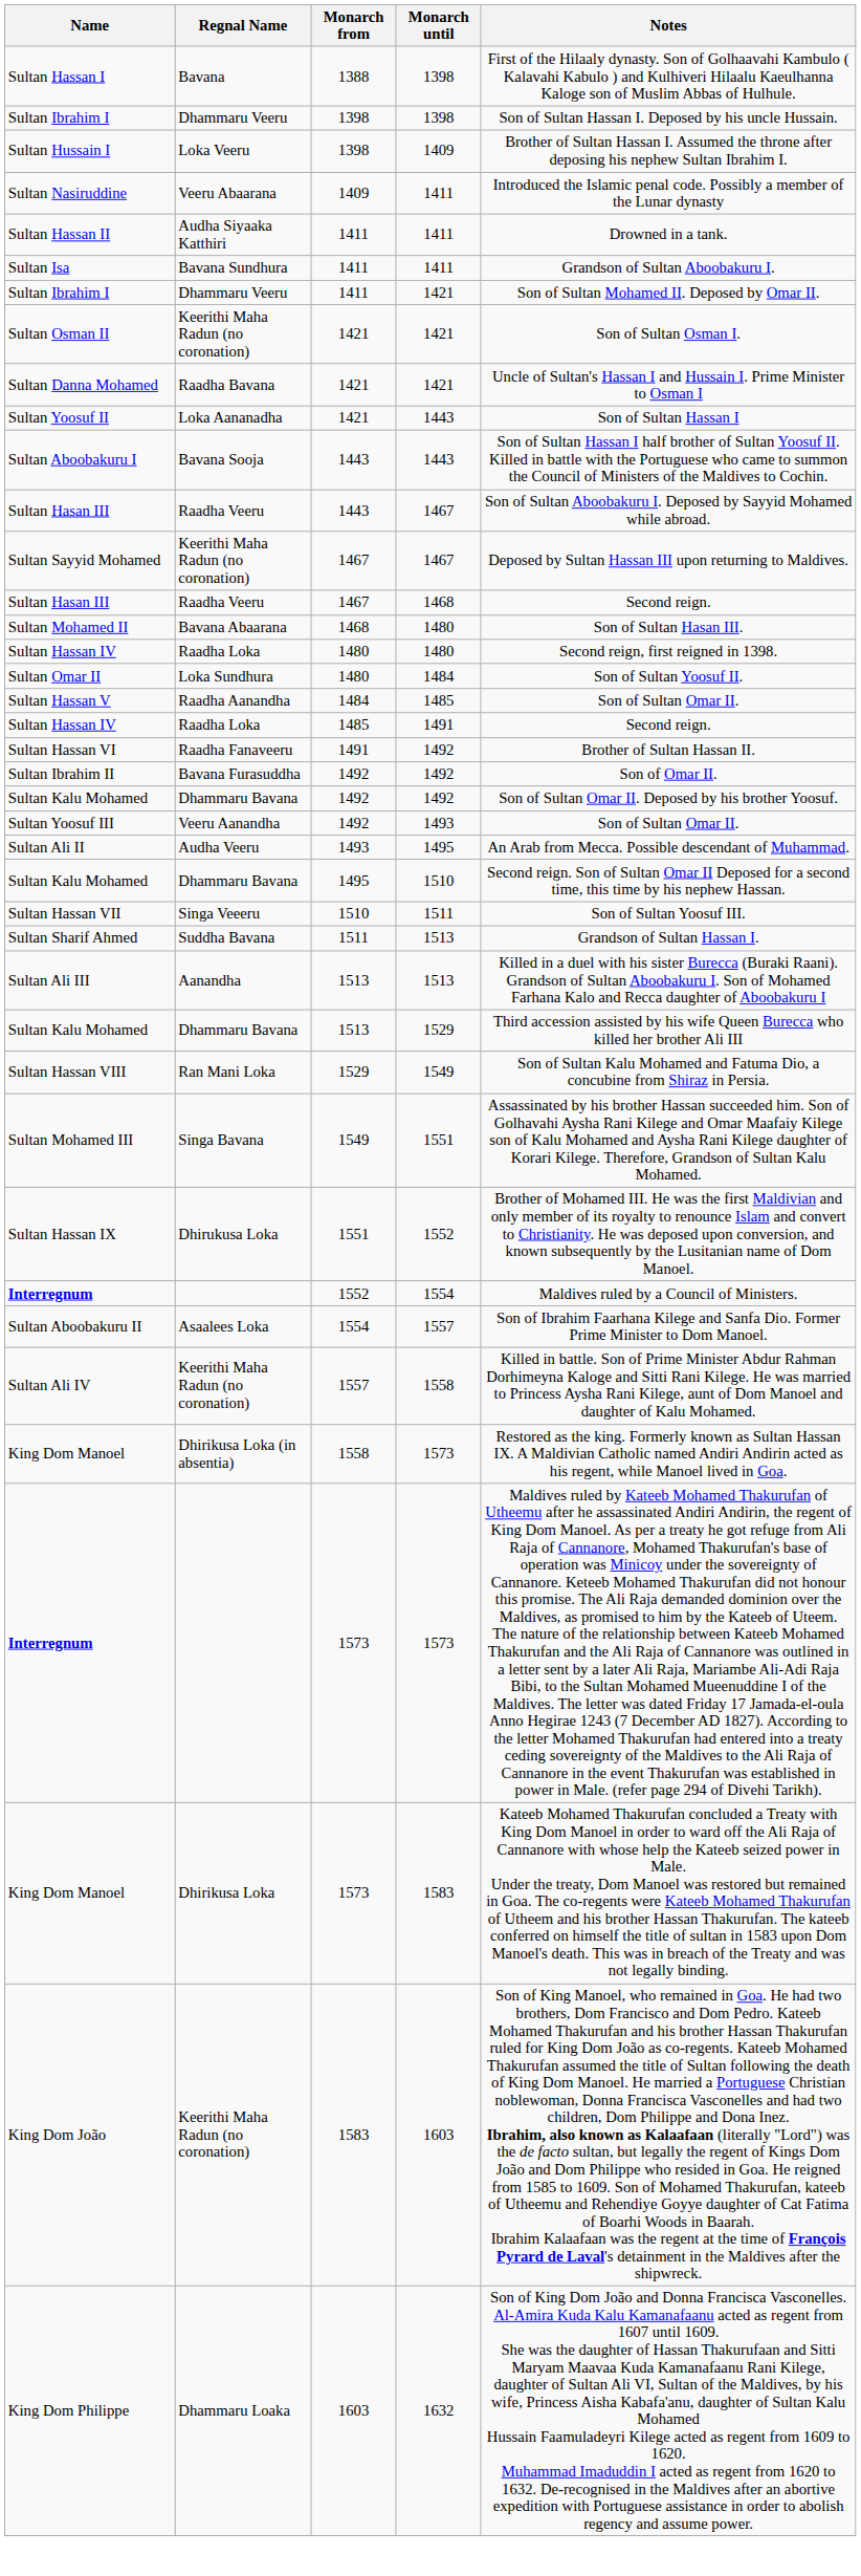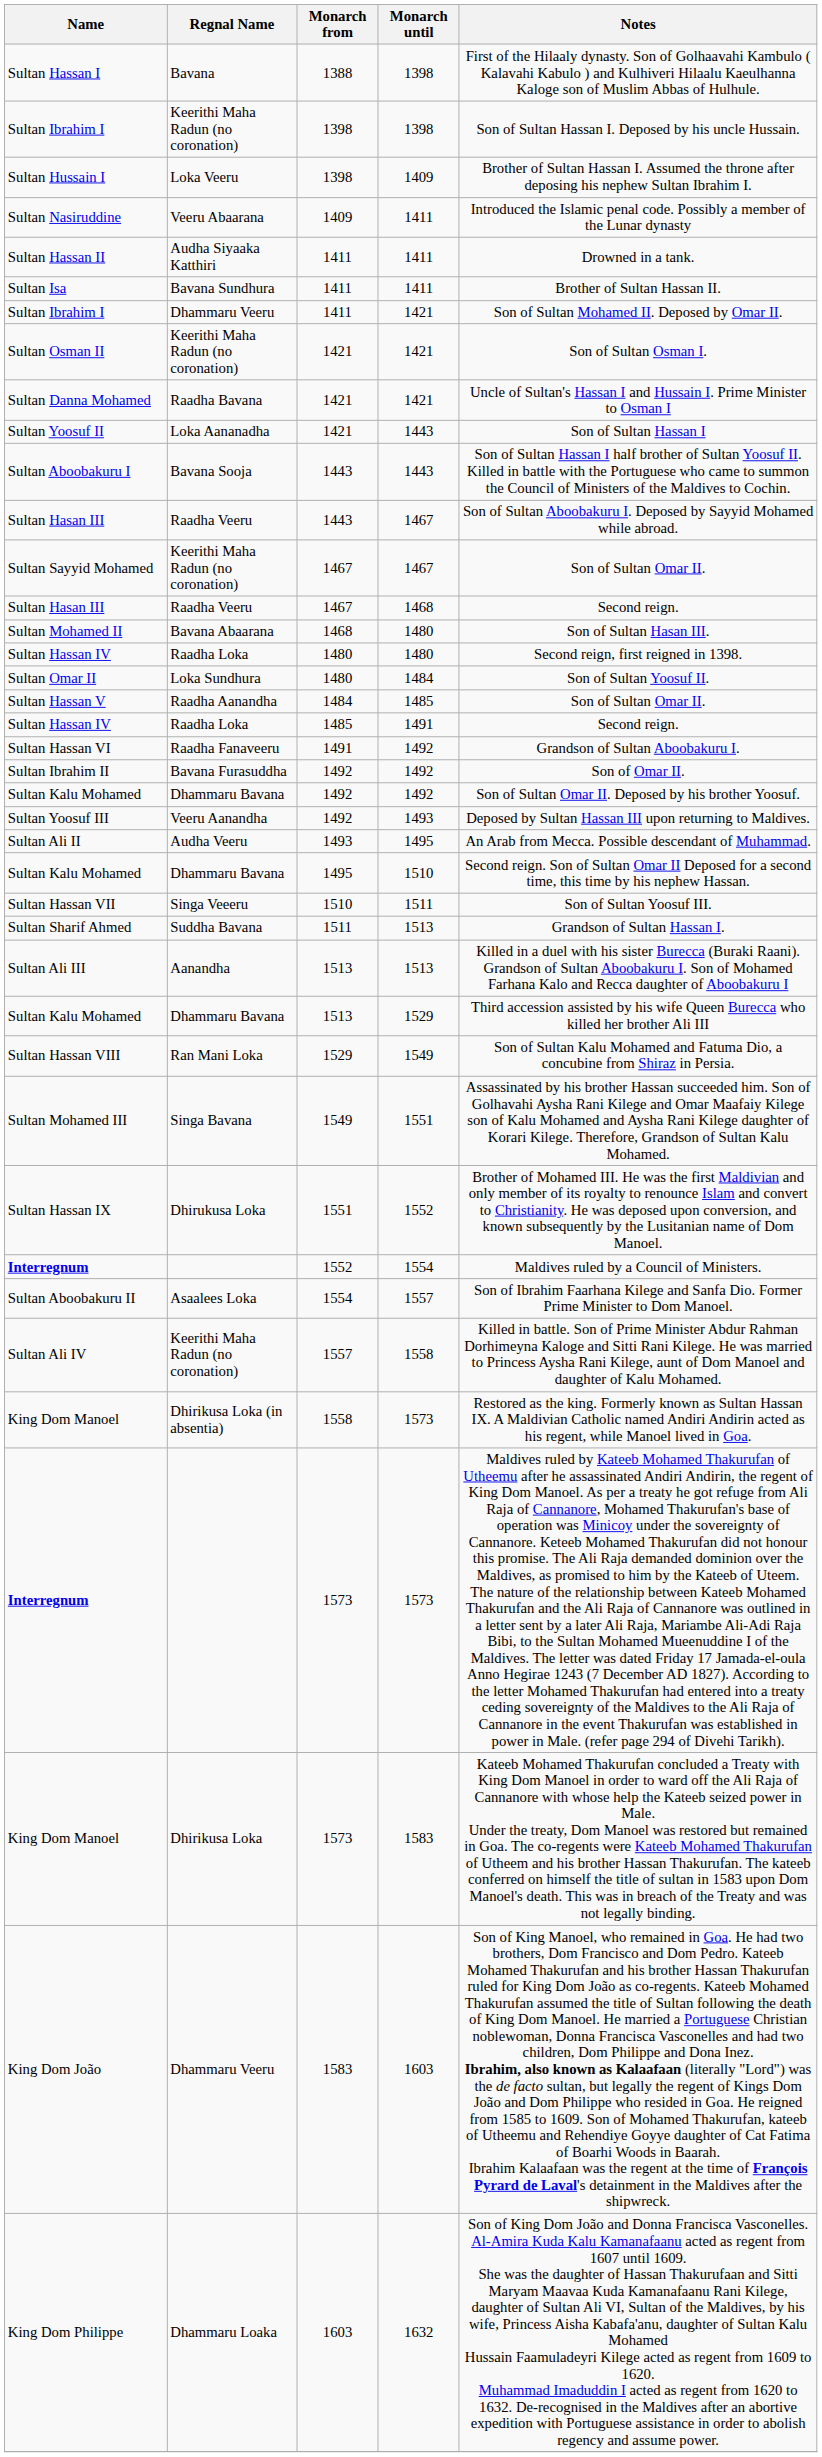 <table width=100% class="wikitable">
 <tr>
 <th width=20%>Name</th>
 <th>Regnal Name</th>
 <th width=10%>Monarch from</th>
 <th width=10%>Monarch until</th>
 <th width=44%>Notes</th>
 </tr>
 <tr>
 <td align="left">Sultan <a href='#'>Hassan I</a></td>
 <td>Bavana</td>
 <td align="center">1388</td>
 <td align="center">1398</td>
 <td align="center">First of the Hilaaly dynasty. Son of Golhaavahi Kambulo ( Kalavahi Kabulo ) and Kulhiveri Hilaalu Kaeulhanna Kaloge son of Muslim Abbas of Hulhule.</td>
 </tr>
 <tr>
 <td align="left">Sultan <a href='#'>Ibrahim I</a></td>
-<td>Dhammaru Veeru</td>
+<td>Keerithi Maha Radun (no coronation)</td>
 <td align="center">1398</td>
 <td align="center">1398</td>
 <td align="center">Son of Sultan Hassan I. Deposed by his uncle Hussain.</td>
 </tr>
 <tr>
 <td align="left">Sultan <a href='#'>Hussain I</a></td>
 <td>Loka Veeru</td>
 <td align="center">1398</td>
 <td align="center">1409</td>
 <td align="center">Brother of Sultan Hassan I. Assumed the throne after deposing his nephew Sultan Ibrahim I.</td>
 </tr>
 <tr>
 <td align="left">Sultan <a href='#'>Nasiruddine</a></td>
 <td>Veeru Abaarana</td>
 <td align="center">1409</td>
 <td align="center">1411</td>
 <td align="center">Introduced the Islamic penal code. Possibly a member of the Lunar dynasty</td>
 </tr>
 <tr>
 <td align="left">Sultan <a href='#'>Hassan II</a></td>
 <td>Audha Siyaaka Katthiri</td>
 <td align="center">1411</td>
 <td align="center">1411</td>
 <td align="center">Drowned in a tank.</td>
 </tr>
 <tr>
 <td align="left">Sultan <a href='#'>Isa</a></td>
 <td>Bavana Sundhura</td>
 <td align="center">1411</td>
 <td align="center">1411</td>
-<td align="center">Grandson of Sultan <a href='#'>Aboobakuru I</a>.</td>
+<td align="center">Brother of Sultan Hassan II.</td>
 </tr>
 <tr>
 <td align="left">Sultan <a href='#'>Ibrahim I</a></td>
 <td>Dhammaru Veeru</td>
 <td align="center">1411</td>
 <td align="center">1421</td>
 <td align="center">Son of Sultan <a href='#'>Mohamed II</a>. Deposed by <a href='#'>Omar II</a>.</td>
 </tr>
 <tr>
 <td align="left">Sultan <a href='#'>Osman II</a></td>
 <td>Keerithi Maha Radun (no coronation)</td>
 <td align="center">1421</td>
 <td align="center">1421</td>
 <td align="center">Son of Sultan <a href='#'>Osman I</a>.</td>
 </tr>
 <tr>
 <td align="left">Sultan <a href='#'>Danna Mohamed</a></td>
 <td>Raadha Bavana</td>
 <td align="center">1421</td>
 <td align="center">1421</td>
 <td align="center">Uncle of Sultan's <a href='#'>Hassan I</a> and <a href='#'>Hussain I</a>. Prime Minister to <a href='#'>Osman I</a></td>
 </tr>
 <tr>
 <td align="left">Sultan <a href='#'>Yoosuf II</a></td>
 <td>Loka Aananadha</td>
 <td align="center">1421</td>
 <td align="center">1443</td>
 <td align="center">Son of Sultan <a href='#'>Hassan I</a></td>
 </tr>
 <tr>
 <td align="left">Sultan <a href='#'>Aboobakuru I</a></td>
 <td>Bavana Sooja</td>
 <td align="center">1443</td>
 <td align="center">1443</td>
 <td align="center">Son of Sultan <a href='#'>Hassan I</a> half brother of Sultan <a href='#'>Yoosuf II</a>. Killed in battle with the Portuguese who came to summon the Council of Ministers of the Maldives to Cochin.</td>
 </tr>
 <tr>
 <td align="left">Sultan <a href='#'>Hasan III</a></td>
 <td>Raadha Veeru</td>
 <td align="center">1443</td>
 <td align="center">1467</td>
 <td align="center">Son of Sultan <a href='#'>Aboobakuru I</a>. Deposed by Sayyid Mohamed while abroad.</td>
 </tr>
 <tr>
 <td align="left">Sultan Sayyid Mohamed</td>
 <td>Keerithi Maha Radun (no coronation)</td>
 <td align="center">1467</td>
 <td align="center">1467</td>
-<td align="center">Deposed by Sultan <a href='#'>Hassan III</a> upon returning to Maldives.</td>
+<td align="center">Son of Sultan <a href='#'>Omar II</a>.</td>
 </tr>
 <tr>
 <td align="left">Sultan <a href='#'>Hasan III</a></td>
 <td>Raadha Veeru</td>
 <td align="center">1467</td>
 <td align="center">1468</td>
 <td align="center">Second reign.</td>
 </tr>
 <tr>
 <td align="left">Sultan <a href='#'>Mohamed II</a></td>
 <td>Bavana Abaarana</td>
 <td align="center">1468</td>
 <td align="center">1480</td>
 <td align="center">Son of Sultan <a href='#'>Hasan III</a>.</td>
 </tr>
 <tr>
 <td align="left">Sultan <a href='#'>Hassan IV</a></td>
 <td>Raadha Loka</td>
 <td align="center">1480</td>
 <td align="center">1480</td>
 <td align="center">Second reign, first reigned in 1398.</td>
 </tr>
 <tr>
 <td align="left">Sultan <a href='#'>Omar II</a></td>
 <td>Loka Sundhura</td>
 <td align="center">1480</td>
 <td align="center">1484</td>
 <td align="center">Son of Sultan <a href='#'>Yoosuf II</a>.</td>
 </tr>
 <tr>
 <td align="left">Sultan <a href='#'>Hassan V</a></td>
 <td>Raadha Aanandha</td>
 <td align="center">1484</td>
 <td align="center">1485</td>
 <td align="center">Son of Sultan <a href='#'>Omar II</a>.</td>
 </tr>
 <tr>
 <td align="left">Sultan <a href='#'>Hassan IV</a></td>
 <td>Raadha Loka</td>
 <td align="center">1485</td>
 <td align="center">1491</td>
 <td align="center">Second reign.</td>
 </tr>
 <tr>
 <td align="left">Sultan Hassan VI</td>
 <td>Raadha Fanaveeru</td>
 <td align="center">1491</td>
 <td align="center">1492</td>
-<td align="center">Brother of Sultan Hassan II.</td>
+<td align="center">Grandson of Sultan <a href='#'>Aboobakuru I</a>.</td>
 </tr>
 <tr>
 <td align="left">Sultan Ibrahim II</td>
 <td>Bavana Furasuddha</td>
 <td align="center">1492</td>
 <td align="center">1492</td>
 <td align="center">Son of <a href='#'>Omar II</a>.</td>
 </tr>
 <tr>
 <td align="left">Sultan Kalu Mohamed</td>
 <td>Dhammaru Bavana</td>
 <td align="center">1492</td>
 <td align="center">1492</td>
 <td align="center">Son of Sultan <a href='#'>Omar II</a>. Deposed by his brother Yoosuf.</td>
 </tr>
 <tr>
 <td align="left">Sultan Yoosuf III</td>
 <td>Veeru Aanandha</td>
 <td align="center">1492</td>
 <td align="center">1493</td>
-<td align="center">Son of Sultan <a href='#'>Omar II</a>.</td>
+<td align="center">Deposed by Sultan <a href='#'>Hassan III</a> upon returning to Maldives.</td>
 </tr>
 <tr>
 <td align="left">Sultan Ali II</td>
 <td>Audha Veeru</td>
 <td align="center">1493</td>
 <td align="center">1495</td>
 <td align="center">An Arab from Mecca. Possible descendant of <a href='#'>Muhammad</a>.</td>
 </tr>
 <tr>
 <td align="left">Sultan Kalu Mohamed</td>
 <td>Dhammaru Bavana</td>
 <td align="center">1495</td>
 <td align="center">1510</td>
 <td align="center">Second reign. Son of Sultan <a href='#'>Omar II</a> Deposed for a second time, this time by his nephew Hassan.</td>
 </tr>
 <tr>
 <td align="left">Sultan Hassan VII</td>
 <td>Singa Veeeru</td>
 <td align="center">1510</td>
 <td align="center">1511</td>
 <td align="center">Son of Sultan Yoosuf III.</td>
 </tr>
 <tr>
 <td align="left">Sultan Sharif Ahmed</td>
 <td>Suddha Bavana</td>
 <td align="center">1511</td>
 <td align="center">1513</td>
 <td align="center">Grandson of Sultan <a href='#'>Hassan I</a>.</td>
 </tr>
 <tr>
 <td align="left">Sultan Ali III</td>
 <td>Aanandha</td>
 <td align="center">1513</td>
 <td align="center">1513</td>
 <td align="center">Killed in a duel with his sister <a href='#'>Burecca</a> (Buraki Raani). Grandson of Sultan <a href='#'>Aboobakuru I</a>. Son of Mohamed Farhana Kalo and Recca daughter of <a href='#'>Aboobakuru I</a></td>
 </tr>
 <tr>
 <td align="left">Sultan Kalu Mohamed</td>
 <td>Dhammaru Bavana</td>
 <td align="center">1513</td>
 <td align="center">1529</td>
 <td align="center">Third accession assisted by his wife Queen <a href='#'>Burecca</a> who killed her brother Ali III</td>
 </tr>
 <tr>
 <td align="left">Sultan Hassan VIII</td>
 <td>Ran Mani Loka</td>
 <td align="center">1529</td>
 <td align="center">1549</td>
 <td align="center">Son of Sultan Kalu Mohamed and Fatuma Dio, a concubine from <a href='#'>Shiraz</a> in Persia.</td>
 </tr>
 <tr>
 <td align="left">Sultan Mohamed III</td>
 <td>Singa Bavana</td>
 <td align="center">1549</td>
 <td align="center">1551</td>
 <td align="center">Assassinated by his brother Hassan succeeded him. Son of Golhavahi Aysha Rani Kilege and Omar Maafaiy Kilege son of Kalu Mohamed and Aysha Rani Kilege daughter of Korari Kilege. Therefore, Grandson of Sultan Kalu Mohamed.</td>
 </tr>
 <tr>
 <td align="left">Sultan Hassan IX</td>
 <td>Dhirukusa Loka</td>
 <td align="center">1551</td>
 <td align="center">1552</td>
 <td align="center">Brother of Mohamed III. He was the first <a href='#'>Maldivian</a> and only member of its royalty to renounce <a href='#'>Islam</a> and convert to <a href='#'>Christianity</a>. He was deposed upon conversion, and known subsequently by the Lusitanian name of Dom Manoel.</td>
 </tr>
 <tr>
 <td align="left"><strong><a href='#'>Interregnum</a></strong></td>
 <td></td>
 <td align="center">1552</td>
 <td align="center">1554</td>
 <td align="center">Maldives ruled by a Council of Ministers.</td>
 </tr>
 <tr>
 <td align="left">Sultan Aboobakuru II</td>
 <td>Asaalees Loka</td>
 <td align="center">1554</td>
 <td align="center">1557</td>
 <td align="center">Son of Ibrahim Faarhana Kilege and Sanfa Dio. Former Prime Minister to Dom Manoel.</td>
 </tr>
 <tr>
 <td align="left">Sultan Ali IV</td>
 <td>Keerithi Maha Radun (no coronation)</td>
 <td align="center">1557</td>
 <td align="center">1558</td>
 <td align="center">Killed in battle. Son of Prime Minister Abdur Rahman Dorhimeyna Kaloge and Sitti Rani Kilege. He was married to Princess Aysha Rani Kilege, aunt of Dom Manoel and daughter of Kalu Mohamed.</td>
 </tr>
 <tr>
 <td align="left">King Dom Manoel</td>
 <td>Dhirikusa Loka (in absentia)</td>
 <td align="center">1558</td>
 <td align="center">1573</td>
 <td align="center">Restored as the king. Formerly known as Sultan Hassan IX. A Maldivian Catholic named Andiri Andirin acted as his regent, while Manoel lived in <a href='#'>Goa</a>.</td>
 </tr>
 <tr>
 <td align="left"><strong><a href='#'>Interregnum</a></strong></td>
 <td></td>
 <td align="center">1573</td>
 <td align="center">1573</td>
 <td align="center">Maldives ruled by <a href='#'>Kateeb Mohamed Thakurufan</a> of <a href='#'>Utheemu</a> after he assassinated Andiri Andirin, the regent of King Dom Manoel. As per a treaty he got refuge from Ali Raja of <a href='#'>Cannanore</a>, Mohamed Thakurufan's base of operation was <a href='#'>Minicoy</a> under the sovereignty of Cannanore. Keteeb Mohamed Thakurufan did not honour this promise. The Ali Raja demanded dominion over the Maldives, as promised to him by the Kateeb of Uteem.<br>The nature of the relationship between Kateeb Mohamed Thakurufan and the Ali Raja of Cannanore was outlined in a letter sent by a later Ali Raja, Mariambe Ali-Adi Raja Bibi, to the Sultan Mohamed Mueenuddine I of the Maldives. The letter was dated Friday 17 Jamada-el-oula Anno Hegirae 1243 (7 December AD 1827). According to the letter Mohamed Thakurufan had entered into a treaty ceding sovereignty of the Maldives to the Ali Raja of Cannanore in the event Thakurufan was established in power in Male. (refer page 294 of Divehi Tarikh).</td>
 </tr>
 <tr>
 <td align="left">King Dom Manoel</td>
 <td>Dhirikusa Loka</td>
 <td align="center">1573</td>
 <td align="center">1583</td>
 <td align="center">Kateeb Mohamed Thakurufan concluded a Treaty with King Dom Manoel in order to ward off the Ali Raja of Cannanore with whose help the Kateeb seized power in Male.<br>Under the treaty, Dom Manoel was restored but remained in Goa. The co-regents were <a href='#'>Kateeb Mohamed Thakurufan</a> of Utheem and his brother Hassan Thakurufan. The kateeb conferred on himself the title of sultan in 1583 upon Dom Manoel's death. This was in breach of the Treaty and was not legally binding.</td>
 </tr>
 <tr>
 <td align="left">King Dom João</td>
-<td>Keerithi Maha Radun (no coronation)</td>
+<td>Dhammaru Veeru</td>
 <td align="center">1583</td>
 <td align="center">1603</td>
 <td align="center">Son of King Manoel, who remained in <a href='#'>Goa</a>. He had two brothers, Dom Francisco and Dom Pedro. Kateeb Mohamed Thakurufan and his brother Hassan Thakurufan ruled for King Dom João as co-regents. Kateeb Mohamed Thakurufan assumed the title of Sultan following the death of King Dom Manoel. He married a <a href='#'>Portuguese</a> Christian noblewoman, Donna Francisca Vasconelles and had two children, Dom Philippe and Dona Inez.<br><strong>Ibrahim, also known as Kalaafaan</strong> (literally "Lord") was the <em>de facto</em> sultan, but legally the regent of Kings Dom João and Dom Philippe who resided in Goa. He reigned from  1585 to 1609. Son of Mohamed Thakurufan, kateeb of Utheemu and Rehendiye Goyye daughter of Cat Fatima of Boarhi Woods in Baarah.<br>Ibrahim Kalaafaan was the regent at the time of <a href='#'><strong>François Pyrard de Laval</strong></a>'s detainment in the Maldives after the shipwreck.</td>
 </tr>
 <tr>
 <td align="left">King Dom Philippe</td>
 <td>Dhammaru Loaka</td>
 <td align="center">1603</td>
 <td align="center">1632</td>
 <td align="center">Son of King Dom João and Donna Francisca Vasconelles.<br><a href='#'>Al-Amira Kuda Kalu Kamanafaanu</a> acted as regent from 1607 until 1609.<br>She was the daughter of Hassan Thakurufaan and Sitti Maryam Maavaa Kuda Kamanafaanu Rani Kilege, daughter of Sultan Ali VI, Sultan of the Maldives, by his wife, Princess Aisha Kabafa'anu, daughter of Sultan Kalu Mohamed<br>Hussain Faamuladeyri Kilege acted as regent from 1609 to 1620.<br><a href='#'>Muhammad Imaduddin I</a> acted as regent from 1620 to 1632. De-recognised in the Maldives after an abortive expedition with Portuguese assistance in order to abolish regency and assume power.</td>
 </tr>
 <tr>
 </tr>
 </table>
